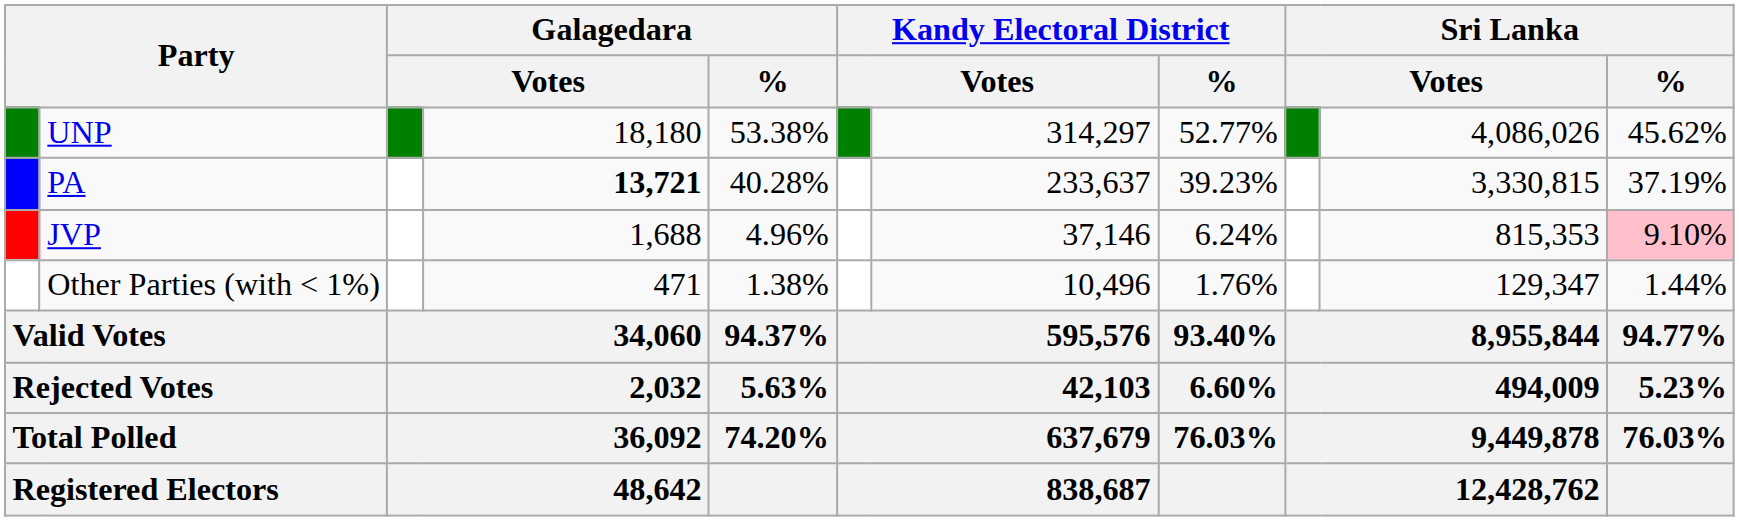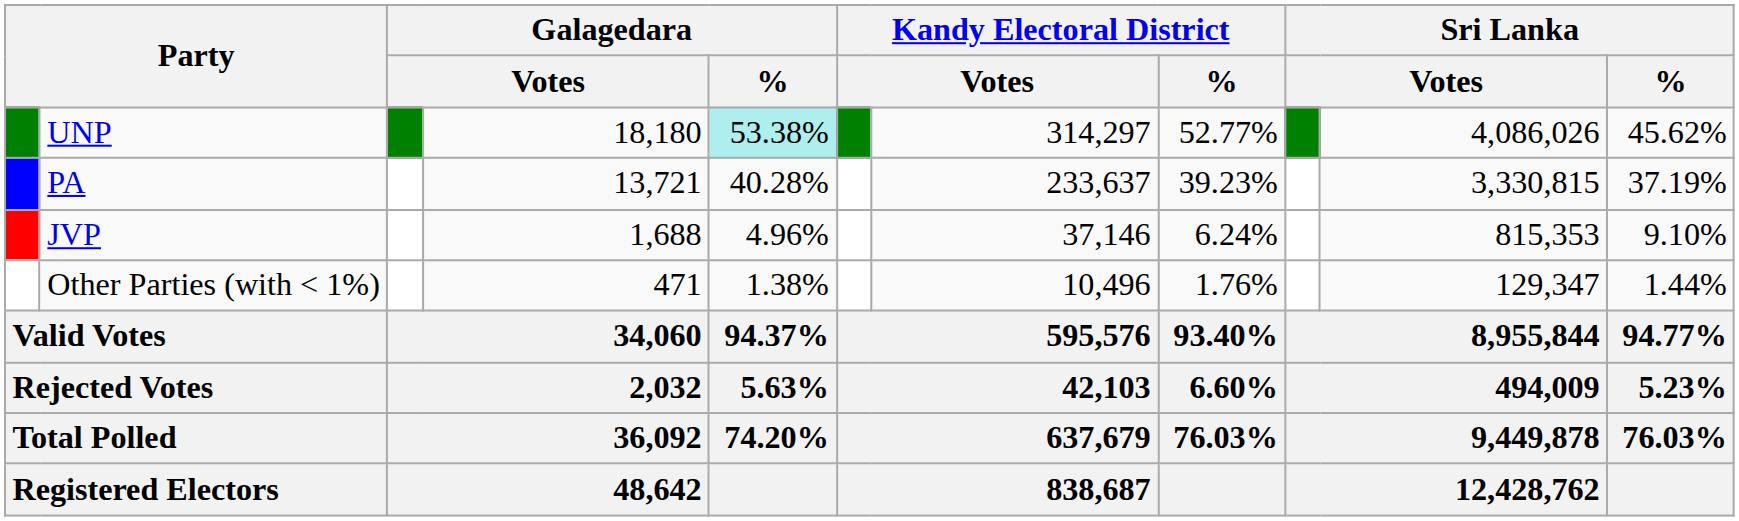 <table class="wikitable">
 <tr>
 <th colspan="2" width="144px"rowspan="2">Party</th>
 <th colspan="3" width="216px">Galagedara</th>
 <th colspan="3" width="216px"><a href='#'>Kandy Electoral District</a></th>
 <th colspan="3" width="216px">Sri Lanka</th>
 </tr>
 <tr>
 <th colspan="2" width="144px">Votes</th>
 <th>%</th>
 <th colspan="2" width="144px">Votes</th>
 <th>%</th>
 <th colspan="2" width="144px">Votes</th>
 <th>%</th>
 </tr>
 <tr>
 <td style="background-color:green;" width="10px"></td>
 <td style="text-align:left;"><a href='#'>UNP</a></td>
 <td style="background-color:green;" width="10px"></td>
 <td style="text-align:right;">18,180</td>
-<td style="text-align:right;">53.38%</td>
+<td style="background: paleturquoise; text-align:right;">53.38%</td>
 <td style="background-color:green;" width="10px"></td>
 <td style="text-align:right;">314,297</td>
 <td style="text-align:right;">52.77%</td>
 <td style="background-color:green;" width="10px"></td>
 <td style="text-align:right;">4,086,026</td>
 <td style="text-align:right;">45.62%</td>
 </tr>
 <tr>
 <td style="background-color:blue;" width="10px"></td>
 <td style="text-align:left;"><a href='#'>PA</a></td>
 <td style="background-color:white;" width="10px"></td>
-<td style="text-align:right;"><strong>13,721</strong></td>
+<td style="text-align:right;">13,721</td>
 <td style="text-align:right;">40.28%</td>
 <td style="background-color:white;" width="10px"></td>
 <td style="text-align:right;">233,637</td>
 <td style="text-align:right;">39.23%</td>
 <td style="background-color:white;" width="10px"></td>
 <td style="text-align:right;">3,330,815</td>
 <td style="text-align:right;">37.19%</td>
 </tr>
 <tr>
 <td style="background-color:red;" width="10px"></td>
 <td style="text-align:left;"><a href='#'>JVP</a></td>
 <td style="background-color:white;" width="10px"></td>
 <td style="text-align:right;">1,688</td>
 <td style="text-align:right;">4.96%</td>
 <td style="background-color:white;" width="10px"></td>
 <td style="text-align:right;">37,146</td>
 <td style="text-align:right;">6.24%</td>
 <td style="background-color:white;" width="10px"></td>
 <td style="text-align:right;">815,353</td>
-<td style="background: pink; text-align:right;">9.10%</td>
+<td style="text-align:right;">9.10%</td>
 </tr>
 <tr>
 <td style="background-color:white;" width="10px"></td>
 <td style="text-align:left;">Other Parties (with < 1%)</td>
 <td style="background-color:white;" width="10px"></td>
 <td style="text-align:right;">471</td>
 <td style="text-align:right;">1.38%</td>
 <td style="background-color:white;" width="10px"></td>
 <td style="text-align:right;">10,496</td>
 <td style="text-align:right;">1.76%</td>
 <td style="background-color:white;" width="10px"></td>
 <td style="text-align:right;">129,347</td>
 <td style="text-align:right;">1.44%</td>
 </tr>
 <tr>
 <th colspan="2" width="144px"style="text-align:left;">Valid Votes</th>
 <th style="text-align:right;"colspan="2" width="144px">34,060</th>
 <th style="text-align:right;">94.37%</th>
 <th style="text-align:right;"colspan="2" width="144px">595,576</th>
 <th style="text-align:right;">93.40%</th>
 <th style="text-align:right;"colspan="2" width="144px">8,955,844</th>
 <th style="text-align:right;">94.77%</th>
 </tr>
 <tr>
 <th colspan="2" width="144px"style="text-align:left;">Rejected Votes</th>
 <th style="text-align:right;"colspan="2" width="144px">2,032</th>
 <th style="text-align:right;">5.63%</th>
 <th style="text-align:right;"colspan="2" width="144px">42,103</th>
 <th style="text-align:right;">6.60%</th>
 <th style="text-align:right;"colspan="2" width="144px">494,009</th>
 <th style="text-align:right;">5.23%</th>
 </tr>
 <tr>
 <th colspan="2" width="144px"style="text-align:left;">Total Polled</th>
 <th style="text-align:right;"colspan="2" width="144px">36,092</th>
 <th style="text-align:right;">74.20%</th>
 <th style="text-align:right;"colspan="2" width="144px">637,679</th>
 <th style="text-align:right;">76.03%</th>
 <th style="text-align:right;"colspan="2" width="144px">9,449,878</th>
 <th style="text-align:right;">76.03%</th>
 </tr>
 <tr>
 <th colspan="2" width="144px"style="text-align:left;">Registered Electors</th>
 <th style="text-align:right;"colspan="2" width="144px">48,642</th>
 <th></th>
 <th style="text-align:right;"colspan="2" width="144px">838,687</th>
 <th></th>
 <th style="text-align:right;"colspan="2" width="144px">12,428,762</th>
 <th></th>
 </tr>
 </table>
